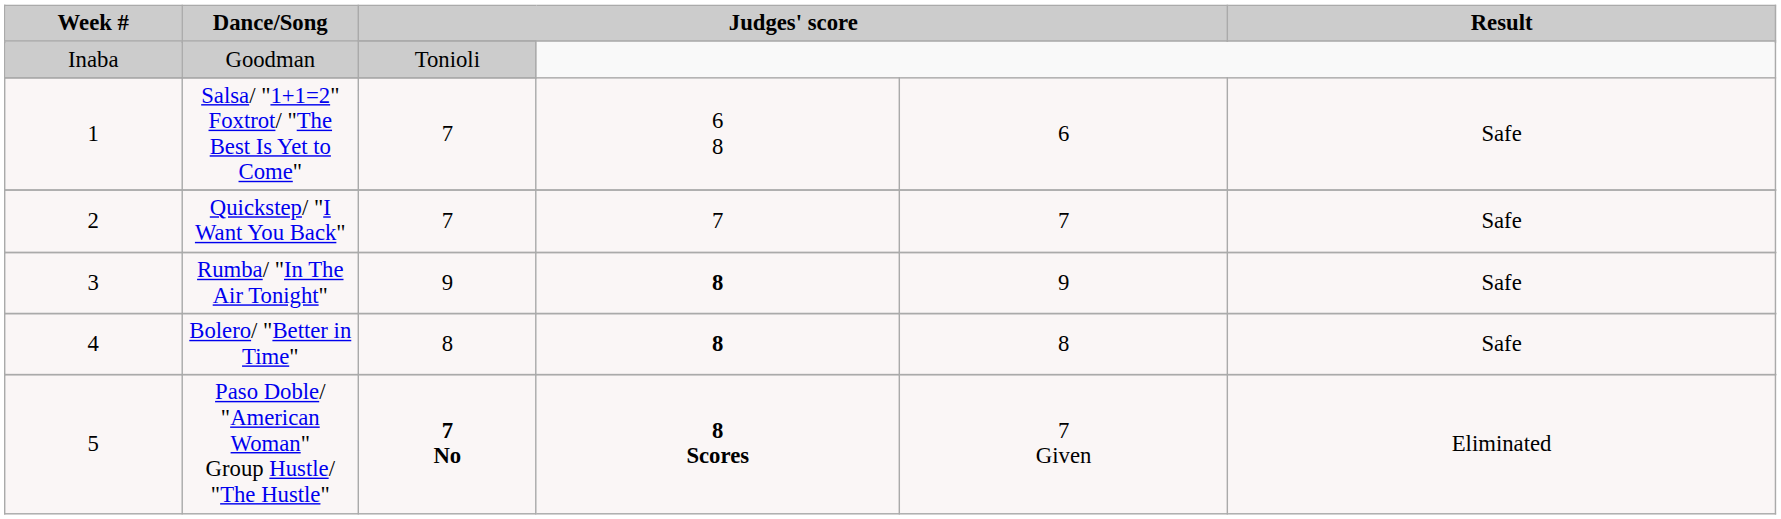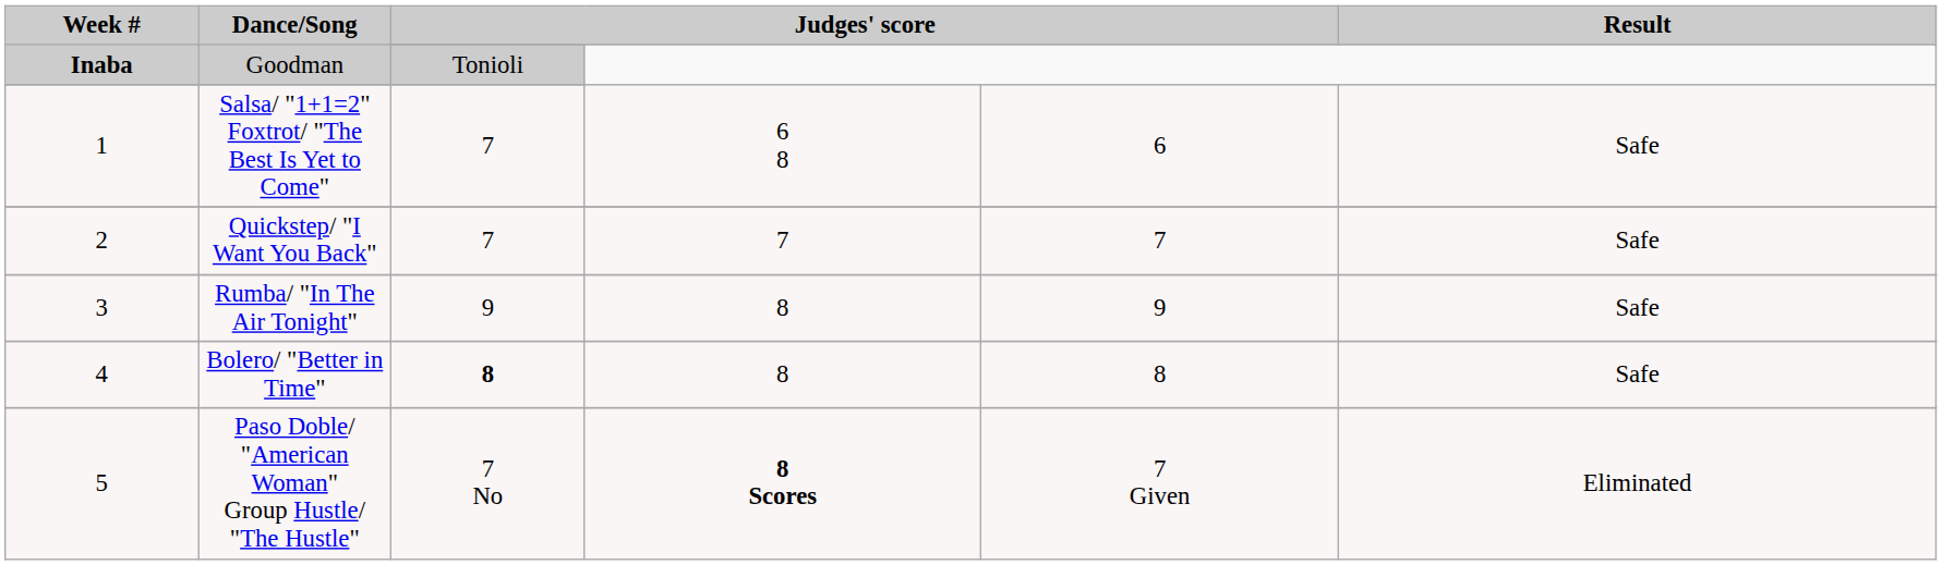 <table class="wikitable" align="left">
 <tr>
 <td rowspan="2" bgcolor="CCCCCC" align="Center"><strong>Week #</strong></td>
 <td rowspan="2" bgcolor="CCCCCC" align="Center"><strong>Dance/Song</strong></td>
 <td colspan="3" bgcolor="CCCCCC" align="Center"><strong>Judges' score</strong></td>
 <td rowspan="2" bgcolor="CCCCCC" align="Center"><strong>Result</strong></td>
 </tr>
 <tr>
 </tr>
 <tr>
-<td bgcolor="CCCCCC" width="10%" align="center">Inaba</td>
+<td bgcolor="CCCCCC" width="10%" align="center"><strong>Inaba</strong></td>
 <td bgcolor="CCCCCC" width="10%" align="center">Goodman</td>
 <td bgcolor="CCCCCC" width="10%" align="center">Tonioli</td>
 </tr>
 <tr>
 </tr>
 <tr>
 <td align="center" bgcolor="FAF6F6">1</td>
 <td align="center" bgcolor="FAF6F6"><a href='#'>Salsa</a>/ "<a href='#'>1+1=2</a>"<br><a href='#'>Foxtrot</a>/ "<a href='#'>The Best Is Yet to Come</a>"</td>
 <td align="center" bgcolor="FAF6F6">7</td>
 <td align="center" bgcolor="FAF6F6">6<br>8</td>
 <td align="center" bgcolor="FAF6F6">6</td>
 <td align="center" bgcolor="FAF6F6">Safe</td>
 </tr>
 <tr>
 </tr>
 <tr>
 <td align="center" bgcolor="FAF6F6">2</td>
 <td align="center" bgcolor="FAF6F6"><a href='#'>Quickstep</a>/ "<a href='#'>I Want You Back</a>"</td>
 <td align="center" bgcolor="FAF6F6">7</td>
 <td align="center" bgcolor="FAF6F6">7</td>
 <td align="center" bgcolor="FAF6F6">7</td>
 <td align="center" bgcolor="FAF6F6">Safe</td>
 </tr>
 <tr>
 </tr>
 <tr>
 <td align="center" bgcolor="FAF6F6">3</td>
 <td align="center" bgcolor="FAF6F6"><a href='#'>Rumba</a>/ "<a href='#'>In The Air Tonight</a>"</td>
 <td align="center" bgcolor="FAF6F6">9</td>
-<td align="center" bgcolor="FAF6F6"><strong>8</strong></td>
+<td align="center" bgcolor="FAF6F6">8</td>
 <td align="center" bgcolor="FAF6F6">9</td>
 <td align="center" bgcolor="FAF6F6">Safe</td>
 </tr>
 <tr>
 </tr>
 <tr>
 <td align="center" bgcolor="FAF6F6">4</td>
 <td align="center" bgcolor="FAF6F6"><a href='#'>Bolero</a>/ "<a href='#'>Better in Time</a>"</td>
+<td align="center" bgcolor="FAF6F6"><strong>8</strong></td>
 <td align="center" bgcolor="FAF6F6">8</td>
-<td align="center" bgcolor="FAF6F6"><strong>8</strong></td>
 <td align="center" bgcolor="FAF6F6">8</td>
 <td align="center" bgcolor="FAF6F6">Safe</td>
 </tr>
 <tr>
 </tr>
 <tr>
 <td align="center" bgcolor="FAF6F6">5</td>
 <td align="center" bgcolor="FAF6F6"><a href='#'>Paso Doble</a>/ "<a href='#'>American Woman</a>" <br> Group <a href='#'>Hustle</a>/ "<a href='#'>The Hustle</a>"</td>
-<td align="center" bgcolor="FAF6F6"><strong>7 <br> No</strong></td>
+<td align="center" bgcolor="FAF6F6">7 <br> No</td>
 <td align="center" bgcolor="FAF6F6"><strong>8 <br> Scores</strong></td>
 <td align="center" bgcolor="FAF6F6">7 <br> Given</td>
 <td align="center" bgcolor="FAF6F6">Eliminated</td>
 </tr>
 </table>
